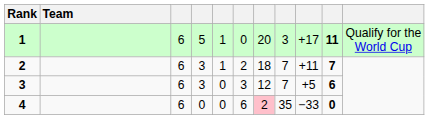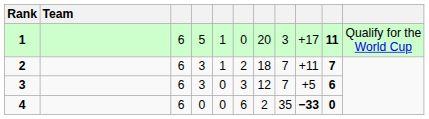 <table class="wikitable" style="text-align:center">
 <tr>
 <th width=30>Rank</th>
 <th width=165 style="text-align:left">Team</th>
 <th width=20></th>
 <th width=20></th>
 <th width=20></th>
 <th width=20></th>
 <th width=20></th>
 <th width=20></th>
 <th width=20></th>
 <th width=20></th>
 <th width=100></th>
 </tr>
 <tr bgcolor="#ccffcc">
 <td><strong>1</strong></td>
 <td align="left"></td>
 <td>6</td>
 <td>5</td>
 <td>1</td>
 <td>0</td>
 <td>20</td>
 <td>3</td>
 <td>+17</td>
 <td><strong>11</strong></td>
 <td col_=green1>Qualify for the <a href='#'>World Cup</a></td>
 </tr>
 <tr>
 <td><strong>2</strong></td>
 <td align="left"></td>
 <td>6</td>
 <td>3</td>
 <td>1</td>
 <td>2</td>
 <td>18</td>
 <td>7</td>
 <td>+11</td>
 <td><strong>7</strong></td>
 </tr>
 <tr>
 <td><strong>3</strong></td>
 <td align="left"></td>
 <td>6</td>
 <td>3</td>
 <td>0</td>
 <td>3</td>
 <td>12</td>
 <td>7</td>
 <td>+5</td>
 <td><strong>6</strong></td>
 </tr>
 <tr>
 <td><strong>4</strong></td>
 <td align="left"></td>
 <td>6</td>
 <td>0</td>
 <td>0</td>
 <td>6</td>
-<td style="background: pink;">2</td>
+<td>2</td>
 <td>35</td>
-<td>−33</td>
+<td><strong>−33</strong></td>
 <td><strong>0</strong></td>
 </tr>
 </table>
